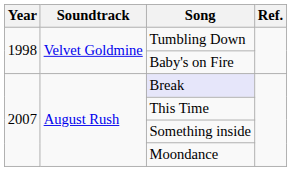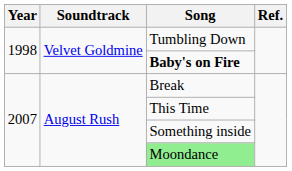 <table class="wikitable">
 <tr>
 <th>Year</th>
 <th>Soundtrack</th>
 <th>Song</th>
 <th>Ref.</th>
 </tr>
 <tr>
 <td rowspan="2">1998</td>
 <td rowspan="2"><a href='#'>Velvet Goldmine</a></td>
 <td>Tumbling Down</td>
 <td rowspan="2"></td>
 </tr>
 <tr>
-<td>Baby's on Fire</td>
+<td><strong>Baby's on Fire</strong></td>
 </tr>
 <tr>
 <td rowspan="4">2007</td>
 <td rowspan="4"><a href='#'>August Rush</a></td>
-<td style="background: lavender;">Break</td>
+<td>Break</td>
 <td rowspan="4"></td>
 </tr>
 <tr>
 <td>This Time</td>
 </tr>
 <tr>
 <td>Something inside</td>
 </tr>
 <tr>
-<td>Moondance</td>
+<td style="background: lightgreen;">Moondance</td>
 </tr>
 </table>
